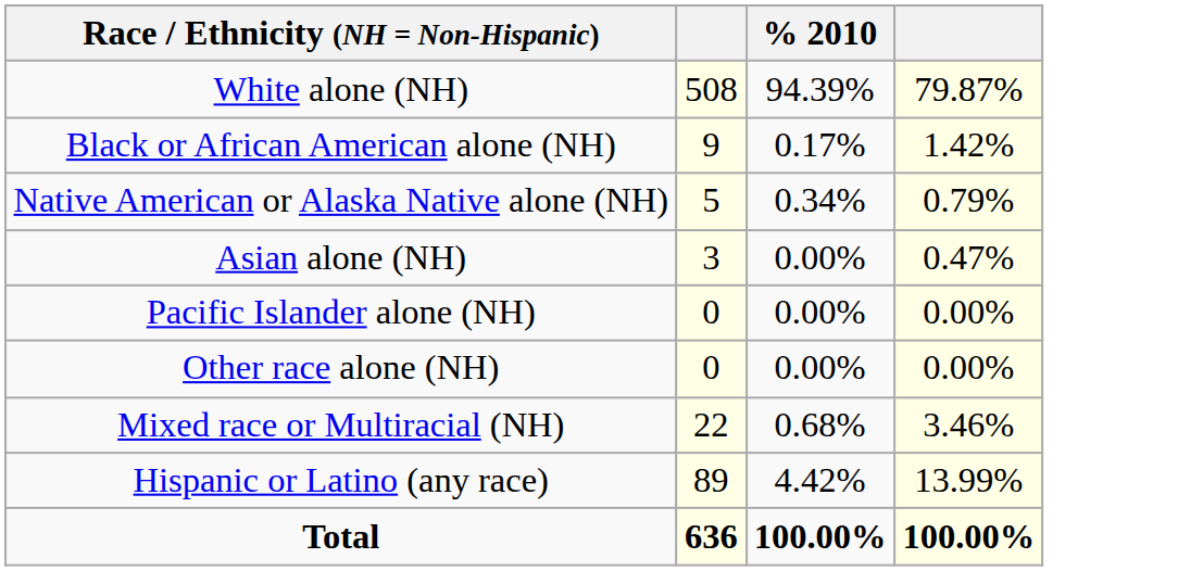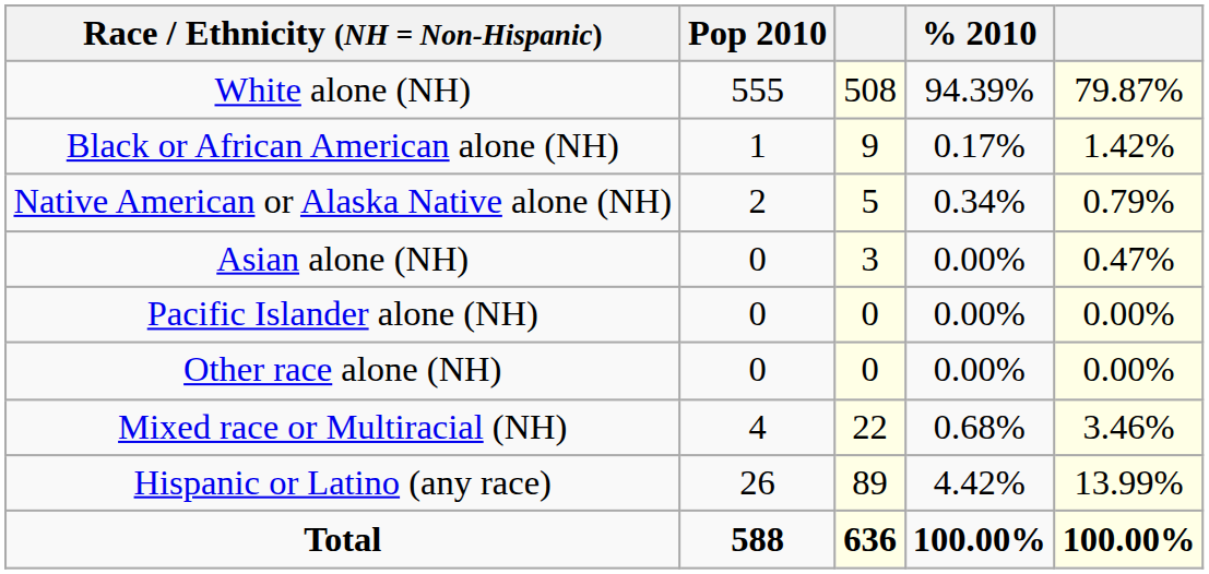 <table class="wikitable" style="text-align:center;">
 <tr>
 <th>Race / Ethnicity <small>(<em>NH = Non-Hispanic</em>)</small></th>
+<th>Pop 2010</th>
 <th></th>
 <th>% 2010</th>
 <th></th>
 </tr>
 <tr>
 <td><a href='#'>White</a> alone (NH)</td>
+<td>555</td>
 <td style='background: #ffffe6;'>508</td>
 <td>94.39%</td>
 <td style='background: #ffffe6;'>79.87%</td>
 </tr>
 <tr>
 <td><a href='#'>Black or African American</a> alone (NH)</td>
+<td>1</td>
 <td style='background: #ffffe6;'>9</td>
 <td>0.17%</td>
 <td style='background: #ffffe6;'>1.42%</td>
 </tr>
 <tr>
 <td><a href='#'>Native American</a> or <a href='#'>Alaska Native</a> alone (NH)</td>
+<td>2</td>
 <td style='background: #ffffe6;'>5</td>
 <td>0.34%</td>
 <td style='background: #ffffe6;'>0.79%</td>
 </tr>
 <tr>
 <td><a href='#'>Asian</a> alone (NH)</td>
+<td>0</td>
 <td style='background: #ffffe6;'>3</td>
 <td>0.00%</td>
 <td style='background: #ffffe6;'>0.47%</td>
 </tr>
 <tr>
 <td><a href='#'>Pacific Islander</a> alone (NH)</td>
+<td>0</td>
 <td style='background: #ffffe6;'>0</td>
 <td>0.00%</td>
 <td style='background: #ffffe6;'>0.00%</td>
 </tr>
 <tr>
 <td><a href='#'>Other race</a> alone (NH)</td>
+<td>0</td>
 <td style='background: #ffffe6;'>0</td>
 <td>0.00%</td>
 <td style='background: #ffffe6;'>0.00%</td>
 </tr>
 <tr>
 <td><a href='#'>Mixed race or Multiracial</a> (NH)</td>
+<td>4</td>
 <td style='background: #ffffe6;'>22</td>
 <td>0.68%</td>
 <td style='background: #ffffe6;'>3.46%</td>
 </tr>
 <tr>
 <td><a href='#'>Hispanic or Latino</a> (any race)</td>
+<td>26</td>
 <td style='background: #ffffe6;'>89</td>
 <td>4.42%</td>
 <td style='background: #ffffe6;'>13.99%</td>
 </tr>
 <tr>
 <td><strong>Total</strong></td>
+<td><strong>588</strong></td>
 <td style='background: #ffffe6;'><strong>636</strong></td>
 <td><strong>100.00%</strong></td>
 <td style='background: #ffffe6;'><strong>100.00%</strong></td>
 </tr>
 </table>
